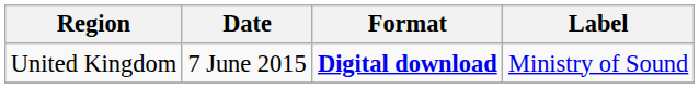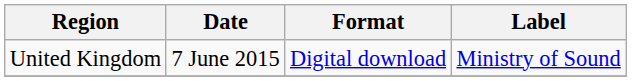 <table class=wikitable>
 <tr>
 <th>Region</th>
 <th>Date</th>
 <th>Format</th>
 <th>Label</th>
 </tr>
 <tr>
 <td>United Kingdom</td>
 <td>7 June 2015</td>
-<td><strong><a href='#'>Digital download</a></strong></td>
+<td><a href='#'>Digital download</a></td>
 <td><a href='#'>Ministry of Sound</a></td>
 </tr>
 <tr>
 </tr>
 </table>
